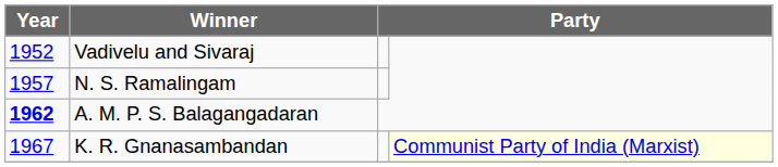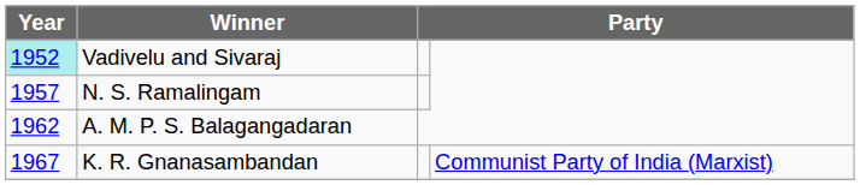 <table class="wikitable" width="70%">
 <tr>
 <th style="background-color:#666666; color:white">Year</th>
 <th style="background-color:#666666; color:white">Winner</th>
 <th style="background-color:#666666; color:white" colspan="2">Party</th>
 </tr>
 <tr>
-<td><a href='#'>1952</a></td>
+<td style="background: paleturquoise;"><a href='#'>1952</a></td>
 <td>Vadivelu and Sivaraj</td>
 <td></td>
 </tr>
 <tr>
 <td><a href='#'>1957</a></td>
 <td>N. S. Ramalingam</td>
 <td></td>
 </tr>
 <tr>
-<td><strong><a href='#'>1962</a></strong></td>
+<td><a href='#'>1962</a></td>
 <td>A. M. P. S. Balagangadaran</td>
 </tr>
 <tr>
 <td><a href='#'>1967</a></td>
 <td>K. R. Gnanasambandan</td>
 <td></td>
-<td style="background: lightyellow;"><a href='#'>Communist Party of India (Marxist)</a></td>
+<td><a href='#'>Communist Party of India (Marxist)</a></td>
 </tr>
 <tr>
 </tr>
 </table>
